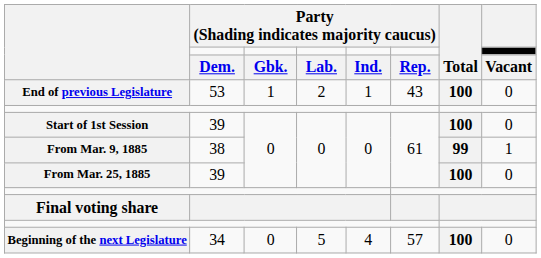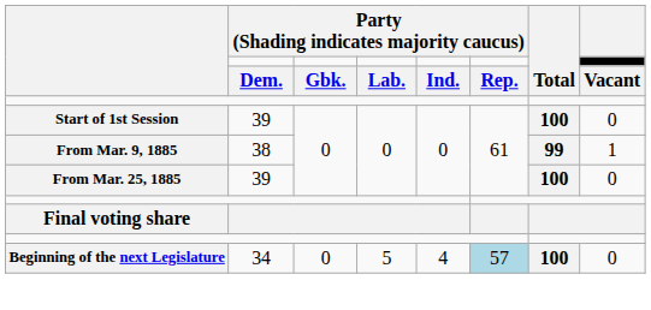 <table class=wikitable style="text-align:center">
 <tr style="vertical-align:bottom;">
 <th rowspan=3></th>
 <th colspan=5>Party <div>(Shading indicates majority caucus)</div></th>
 <th rowspan=3>Total</th>
 <th></th>
 </tr>
 <tr style="height:5px">
 <td style="background-color:"></td>
 <td style="background-color:"></td>
 <td style="background-color:"></td>
 <td style="background-color:"></td>
 <td style="background-color:"></td>
 <td style="background:black;"></td>
 </tr>
 <tr>
 <th><a href='#'>Dem.</a></th>
 <th><a href='#'>Gbk.</a></th>
 <th><a href='#'>Lab.</a></th>
 <th><a href='#'>Ind.</a></th>
 <th><a href='#'>Rep.</a></th>
 <th>Vacant</th>
-</tr>
-<tr>
-<th style="font-size:80%;">End of <a href='#'>previous Legislature</a></th>
-<td>53</td>
-<td>1</td>
-<td>2</td>
-<td>1</td>
-<td>43</td>
-<th>100</th>
-<td>0</td>
 </tr>
 <tr>
 <td colspan=6></td>
 </tr>
 <tr>
 <th style="font-size:80%;">Start of 1st Session</th>
 <td>39</td>
 <td rowspan="3">0</td>
 <td rowspan="3">0</td>
 <td rowspan="3">0</td>
 <td rowspan="3" >61</td>
 <th>100</th>
 <td>0</td>
 </tr>
 <tr>
 <th style="font-size:80%;">From Mar. 9, 1885</th>
 <td>38</td>
 <th>99</th>
 <td>1</td>
 </tr>
 <tr>
 <th style="font-size:80%;">From Mar. 25, 1885</th>
 <td>39</td>
 <th>100</th>
 <td>0</td>
 </tr>
 <tr>
 <td colspan=5></td>
 </tr>
 <tr>
 <th>Final voting share</th>
 <th colspan=4></th>
 <th></th>
 <th colspan=2></th>
 </tr>
 <tr>
 <td colspan=6></td>
 </tr>
 <tr>
 <th style="font-size:80%;">Beginning of the <a href='#'>next Legislature</a></th>
 <td>34</td>
 <td>0</td>
 <td>5</td>
 <td>4</td>
-<td>57</td>
+<td style="background: lightblue;">57</td>
 <th>100</th>
 <td>0</td>
 </tr>
 </table>
